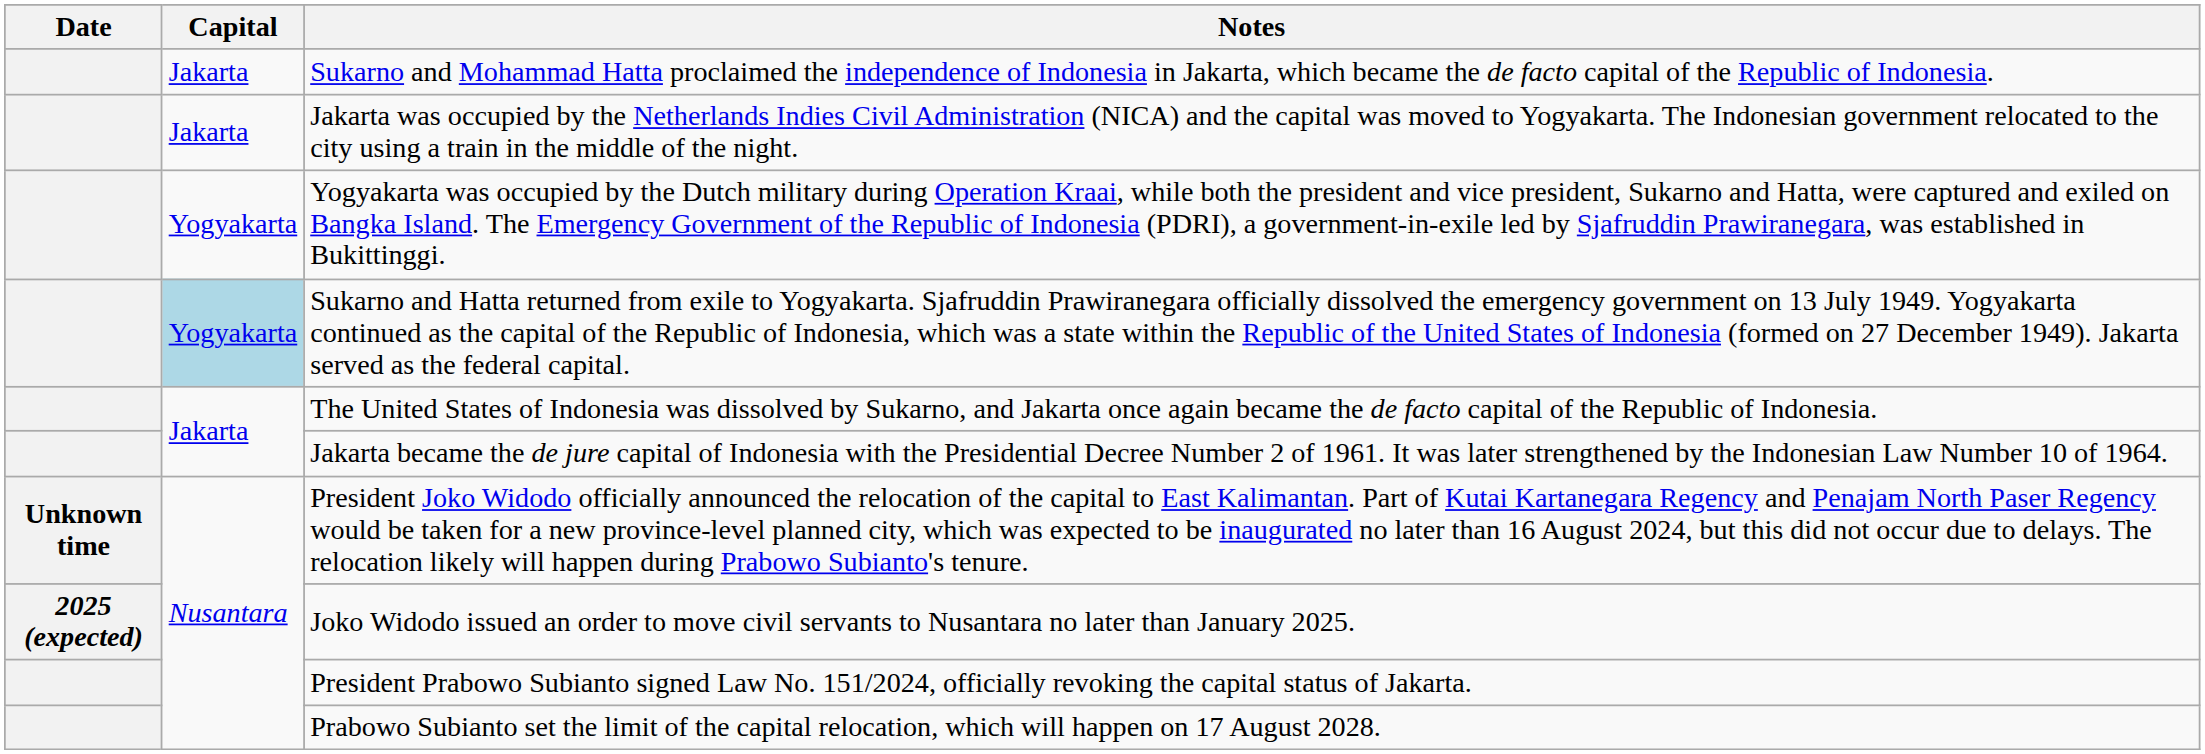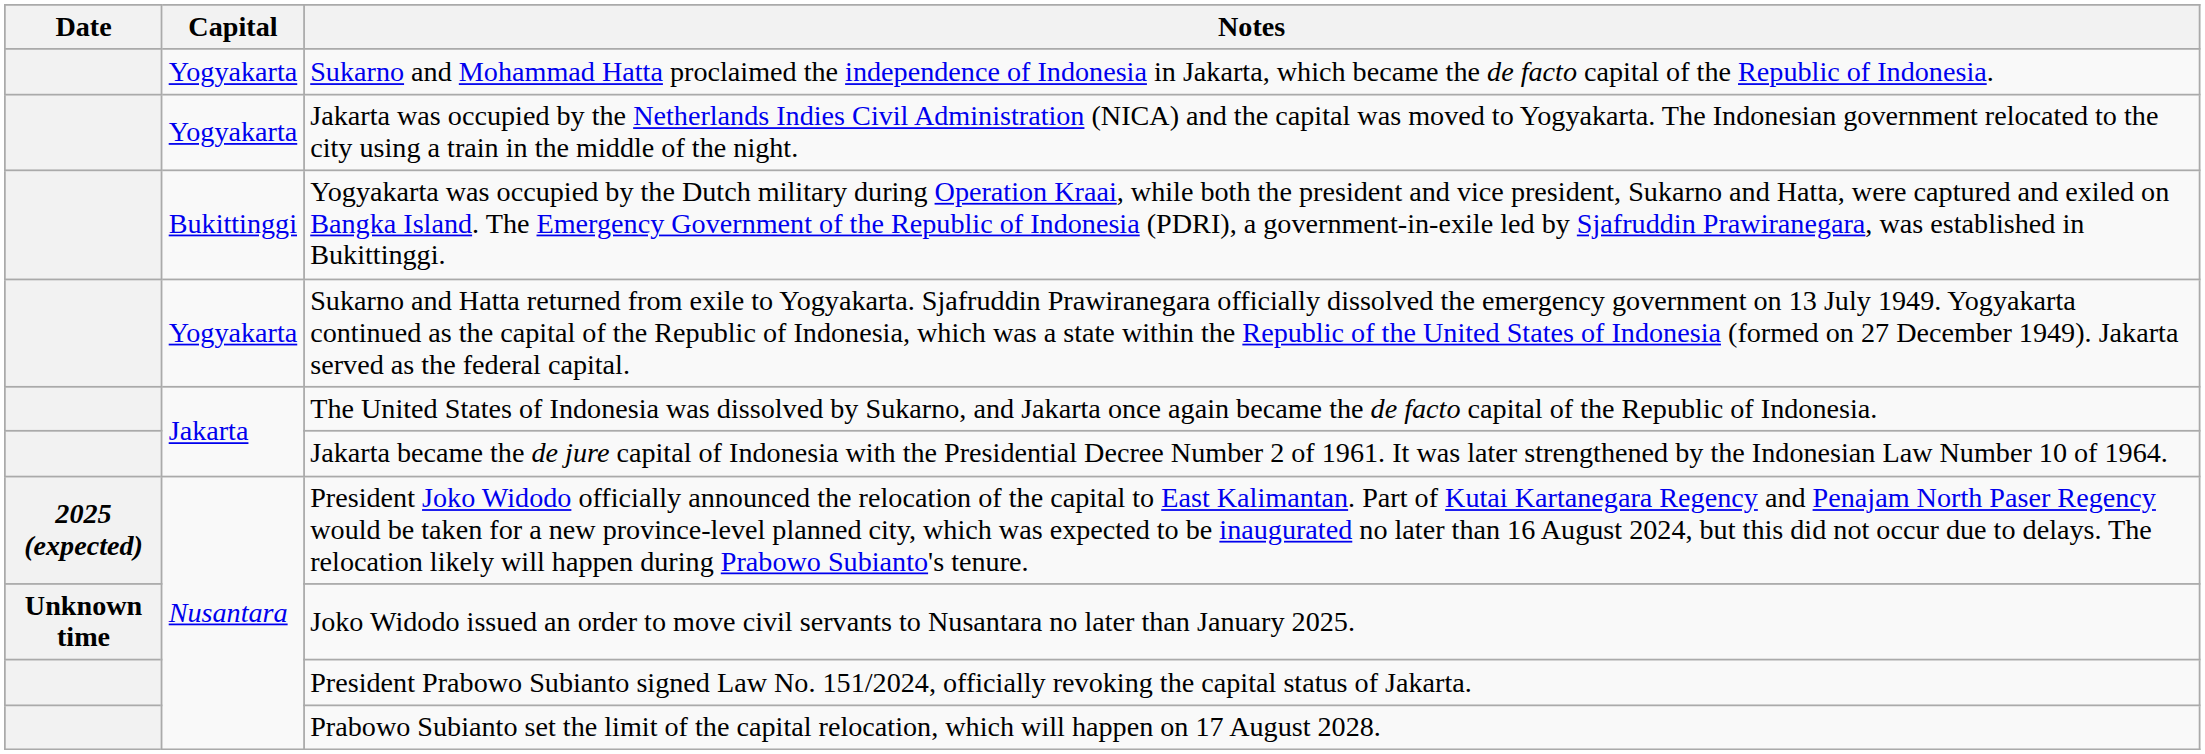 <table class="wikitable plainrowheaders sortable">
 <tr>
 <th>Date</th>
 <th>Capital</th>
 <th class="unsortable">Notes</th>
 </tr>
 <tr>
 <th scope=row></th>
-<td><a href='#'>Jakarta</a></td>
+<td><a href='#'>Yogyakarta</a></td>
 <td><a href='#'>Sukarno</a> and <a href='#'>Mohammad Hatta</a> proclaimed the <a href='#'>independence of Indonesia</a> in Jakarta, which became the <em>de facto</em> capital of the <a href='#'>Republic of Indonesia</a>.</td>
 </tr>
 <tr>
 <th scope=row></th>
-<td><a href='#'>Jakarta</a></td>
+<td><a href='#'>Yogyakarta</a></td>
 <td>Jakarta was occupied by the <a href='#'>Netherlands Indies Civil Administration</a> (NICA) and the capital was moved to Yogyakarta. The Indonesian government relocated to the city using a train in the middle of the night.</td>
 </tr>
 <tr>
 <th scope=row></th>
-<td><a href='#'>Yogyakarta</a></td>
+<td><a href='#'>Bukittinggi</a></td>
 <td>Yogyakarta was occupied by the Dutch military during <a href='#'>Operation Kraai</a>, while both the president and vice president, Sukarno and Hatta, were captured and exiled on <a href='#'>Bangka Island</a>. The <a href='#'>Emergency Government of the Republic of Indonesia</a> (PDRI), a government-in-exile led by <a href='#'>Sjafruddin Prawiranegara</a>, was established in Bukittinggi.</td>
 </tr>
 <tr>
 <th scope=row></th>
-<td style="background: lightblue;"><a href='#'>Yogyakarta</a></td>
+<td><a href='#'>Yogyakarta</a></td>
 <td>Sukarno and Hatta returned from exile to Yogyakarta. Sjafruddin Prawiranegara officially dissolved the emergency government on 13 July 1949. Yogyakarta continued as the capital of the Republic of Indonesia, which was a state within the <a href='#'>Republic of the United States of Indonesia</a> (formed on 27 December 1949). Jakarta served as the federal capital.</td>
 </tr>
 <tr>
 <th scope=row></th>
 <td rowspan=2><a href='#'>Jakarta</a></td>
 <td>The United States of Indonesia was dissolved by Sukarno, and Jakarta once again became the <em>de facto</em> capital of the Republic of Indonesia.</td>
 </tr>
 <tr>
 <th scope=row></th>
 <td>Jakarta became the <em>de jure</em> capital of Indonesia with the Presidential Decree Number 2 of 1961. It was later strengthened by the Indonesian Law Number 10 of 1964.</td>
 </tr>
 <tr>
-<th scope=row>Unknown time</th>
+<th scope=row><em>2025 (expected)</em></th>
 <td rowspan="4"><em><a href='#'>Nusantara</a></em></td>
 <td>President <a href='#'>Joko Widodo</a> officially announced the relocation of the capital to <a href='#'>East Kalimantan</a>. Part of <a href='#'>Kutai Kartanegara Regency</a> and <a href='#'>Penajam North Paser Regency</a> would be taken for a new province-level planned city, which was expected to be <a href='#'>inaugurated</a> no later than 16 August 2024, but this did not occur due to delays. The relocation likely will happen during <a href='#'>Prabowo Subianto</a>'s tenure.</td>
 </tr>
 <tr>
-<th scope=row><em>2025 (expected)</em></th>
+<th scope=row>Unknown time</th>
 <td>Joko Widodo issued an order to move civil servants to Nusantara no later than January 2025.</td>
 </tr>
 <tr>
 <th scope=row></th>
 <td>President Prabowo Subianto signed Law No. 151/2024, officially revoking the capital status of Jakarta.</td>
 </tr>
 <tr>
 <th scope=row></th>
 <td>Prabowo Subianto set the limit of the capital relocation, which will happen on 17 August 2028.</td>
 </tr>
 </table>
